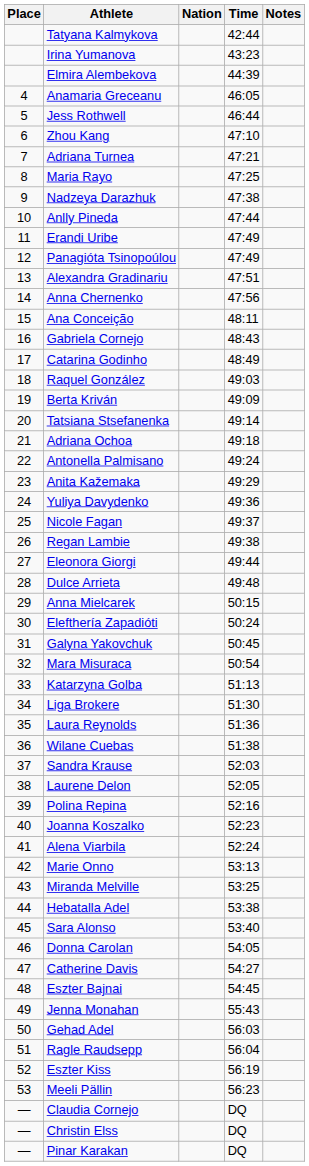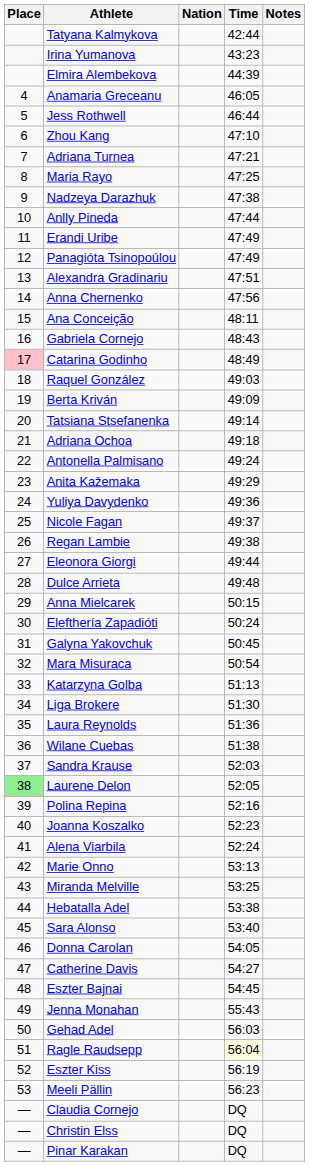 <table class=wikitable>
 <tr>
 <th>Place</th>
 <th>Athlete</th>
 <th>Nation</th>
 <th>Time</th>
 <th>Notes</th>
 </tr>
 <tr>
 <td align=center></td>
 <td><a href='#'>Tatyana Kalmykova</a></td>
 <td></td>
 <td>42:44</td>
 <td></td>
 </tr>
 <tr>
 <td align=center></td>
 <td><a href='#'>Irina Yumanova</a></td>
 <td></td>
 <td>43:23</td>
 <td></td>
 </tr>
 <tr>
 <td align=center></td>
 <td><a href='#'>Elmira Alembekova</a></td>
 <td></td>
 <td>44:39</td>
 <td></td>
 </tr>
 <tr>
 <td align=center>4</td>
 <td><a href='#'>Anamaria Greceanu</a></td>
 <td></td>
 <td>46:05</td>
 <td></td>
 </tr>
 <tr>
 <td align=center>5</td>
 <td><a href='#'>Jess Rothwell</a></td>
 <td></td>
 <td>46:44</td>
 <td></td>
 </tr>
 <tr>
 <td align=center>6</td>
 <td><a href='#'>Zhou Kang</a></td>
 <td></td>
 <td>47:10</td>
 <td></td>
 </tr>
 <tr>
 <td align=center>7</td>
 <td><a href='#'>Adriana Turnea</a></td>
 <td></td>
 <td>47:21</td>
 <td></td>
 </tr>
 <tr>
 <td align=center>8</td>
 <td><a href='#'>Maria Rayo</a></td>
 <td></td>
 <td>47:25</td>
 <td></td>
 </tr>
 <tr>
 <td align=center>9</td>
 <td><a href='#'>Nadzeya Darazhuk</a></td>
 <td></td>
 <td>47:38</td>
 <td></td>
 </tr>
 <tr>
 <td align=center>10</td>
 <td><a href='#'>Anlly Pineda</a></td>
 <td></td>
 <td>47:44</td>
 <td></td>
 </tr>
 <tr>
 <td align=center>11</td>
 <td><a href='#'>Erandi Uribe</a></td>
 <td></td>
 <td>47:49</td>
 <td></td>
 </tr>
 <tr>
 <td align=center>12</td>
 <td><a href='#'>Panagióta Tsinopoúlou</a></td>
 <td></td>
 <td>47:49</td>
 <td></td>
 </tr>
 <tr>
 <td align=center>13</td>
 <td><a href='#'>Alexandra Gradinariu</a></td>
 <td></td>
 <td>47:51</td>
 <td></td>
 </tr>
 <tr>
 <td align=center>14</td>
 <td><a href='#'>Anna Chernenko</a></td>
 <td></td>
 <td>47:56</td>
 <td></td>
 </tr>
 <tr>
 <td align=center>15</td>
 <td><a href='#'>Ana Conceição</a></td>
 <td></td>
 <td>48:11</td>
 <td></td>
 </tr>
 <tr>
 <td align=center>16</td>
 <td><a href='#'>Gabriela Cornejo</a></td>
 <td></td>
 <td>48:43</td>
 <td></td>
 </tr>
 <tr>
-<td align=center>17</td>
+<td align=center style="background: pink;">17</td>
 <td><a href='#'>Catarina Godinho</a></td>
 <td></td>
 <td>48:49</td>
 <td></td>
 </tr>
 <tr>
 <td align=center>18</td>
 <td><a href='#'>Raquel González</a></td>
 <td></td>
 <td>49:03</td>
 <td></td>
 </tr>
 <tr>
 <td align=center>19</td>
 <td><a href='#'>Berta Kriván</a></td>
 <td></td>
 <td>49:09</td>
 <td></td>
 </tr>
 <tr>
 <td align=center>20</td>
 <td><a href='#'>Tatsiana Stsefanenka</a></td>
 <td></td>
 <td>49:14</td>
 <td></td>
 </tr>
 <tr>
 <td align=center>21</td>
 <td><a href='#'>Adriana Ochoa</a></td>
 <td></td>
 <td>49:18</td>
 <td></td>
 </tr>
 <tr>
 <td align=center>22</td>
 <td><a href='#'>Antonella Palmisano</a></td>
 <td></td>
 <td>49:24</td>
 <td></td>
 </tr>
 <tr>
 <td align=center>23</td>
 <td><a href='#'>Anita Kažemaka</a></td>
 <td></td>
 <td>49:29</td>
 <td></td>
 </tr>
 <tr>
 <td align=center>24</td>
 <td><a href='#'>Yuliya Davydenko</a></td>
 <td></td>
 <td>49:36</td>
 <td></td>
 </tr>
 <tr>
 <td align=center>25</td>
 <td><a href='#'>Nicole Fagan</a></td>
 <td></td>
 <td>49:37</td>
 <td></td>
 </tr>
 <tr>
 <td align=center>26</td>
 <td><a href='#'>Regan Lambie</a></td>
 <td></td>
 <td>49:38</td>
 <td></td>
 </tr>
 <tr>
 <td align=center>27</td>
 <td><a href='#'>Eleonora Giorgi</a></td>
 <td></td>
 <td>49:44</td>
 <td></td>
 </tr>
 <tr>
 <td align=center>28</td>
 <td><a href='#'>Dulce Arrieta</a></td>
 <td></td>
 <td>49:48</td>
 <td></td>
 </tr>
 <tr>
 <td align=center>29</td>
 <td><a href='#'>Anna Mielcarek</a></td>
 <td></td>
 <td>50:15</td>
 <td></td>
 </tr>
 <tr>
 <td align=center>30</td>
 <td><a href='#'>Elefthería Zapadióti</a></td>
 <td></td>
 <td>50:24</td>
 <td></td>
 </tr>
 <tr>
 <td align=center>31</td>
 <td><a href='#'>Galyna Yakovchuk</a></td>
 <td></td>
 <td>50:45</td>
 <td></td>
 </tr>
 <tr>
 <td align=center>32</td>
 <td><a href='#'>Mara Misuraca</a></td>
 <td></td>
 <td>50:54</td>
 <td></td>
 </tr>
 <tr>
 <td align=center>33</td>
 <td><a href='#'>Katarzyna Golba</a></td>
 <td></td>
 <td>51:13</td>
 <td></td>
 </tr>
 <tr>
 <td align=center>34</td>
 <td><a href='#'>Liga Brokere</a></td>
 <td></td>
 <td>51:30</td>
 <td></td>
 </tr>
 <tr>
 <td align=center>35</td>
 <td><a href='#'>Laura Reynolds</a></td>
 <td></td>
 <td>51:36</td>
 <td></td>
 </tr>
 <tr>
 <td align=center>36</td>
 <td><a href='#'>Wilane Cuebas</a></td>
 <td></td>
 <td>51:38</td>
 <td></td>
 </tr>
 <tr>
 <td align=center>37</td>
 <td><a href='#'>Sandra Krause</a></td>
 <td></td>
 <td>52:03</td>
 <td></td>
 </tr>
 <tr>
-<td align=center>38</td>
+<td align=center style="background: lightgreen;">38</td>
 <td><a href='#'>Laurene Delon</a></td>
 <td></td>
 <td>52:05</td>
 <td></td>
 </tr>
 <tr>
 <td align=center>39</td>
 <td><a href='#'>Polina Repina</a></td>
 <td></td>
 <td>52:16</td>
 <td></td>
 </tr>
 <tr>
 <td align=center>40</td>
 <td><a href='#'>Joanna Koszalko</a></td>
 <td></td>
 <td>52:23</td>
 <td></td>
 </tr>
 <tr>
 <td align=center>41</td>
 <td><a href='#'>Alena Viarbila</a></td>
 <td></td>
 <td>52:24</td>
 <td></td>
 </tr>
 <tr>
 <td align=center>42</td>
 <td><a href='#'>Marie Onno</a></td>
 <td></td>
 <td>53:13</td>
 <td></td>
 </tr>
 <tr>
 <td align=center>43</td>
 <td><a href='#'>Miranda Melville</a></td>
 <td></td>
 <td>53:25</td>
 <td></td>
 </tr>
 <tr>
 <td align=center>44</td>
 <td><a href='#'>Hebatalla Adel</a></td>
 <td></td>
 <td>53:38</td>
 <td></td>
 </tr>
 <tr>
 <td align=center>45</td>
 <td><a href='#'>Sara Alonso</a></td>
 <td></td>
 <td>53:40</td>
 <td></td>
 </tr>
 <tr>
 <td align=center>46</td>
 <td><a href='#'>Donna Carolan</a></td>
 <td></td>
 <td>54:05</td>
 <td></td>
 </tr>
 <tr>
 <td align=center>47</td>
 <td><a href='#'>Catherine Davis</a></td>
 <td></td>
 <td>54:27</td>
 <td></td>
 </tr>
 <tr>
 <td align=center>48</td>
 <td><a href='#'>Eszter Bajnai</a></td>
 <td></td>
 <td>54:45</td>
 <td></td>
 </tr>
 <tr>
 <td align=center>49</td>
 <td><a href='#'>Jenna Monahan</a></td>
 <td></td>
 <td>55:43</td>
 <td></td>
 </tr>
 <tr>
 <td align=center>50</td>
 <td><a href='#'>Gehad Adel</a></td>
 <td></td>
 <td>56:03</td>
 <td></td>
 </tr>
 <tr>
 <td align=center>51</td>
 <td><a href='#'>Ragle Raudsepp</a></td>
 <td></td>
-<td>56:04</td>
+<td style="background: lightyellow;">56:04</td>
 <td></td>
 </tr>
 <tr>
 <td align=center>52</td>
 <td><a href='#'>Eszter Kiss</a></td>
 <td></td>
 <td>56:19</td>
 <td></td>
 </tr>
 <tr>
 <td align=center>53</td>
 <td><a href='#'>Meeli Pällin</a></td>
 <td></td>
 <td>56:23</td>
 <td></td>
 </tr>
 <tr>
 <td align=center>—</td>
 <td><a href='#'>Claudia Cornejo</a></td>
 <td></td>
 <td>DQ</td>
 <td></td>
 </tr>
 <tr>
 <td align=center>—</td>
 <td><a href='#'>Christin Elss</a></td>
 <td></td>
 <td>DQ</td>
 <td></td>
 </tr>
 <tr>
 <td align=center>—</td>
 <td><a href='#'>Pinar Karakan</a></td>
 <td></td>
 <td>DQ</td>
 <td></td>
 </tr>
 </table>
